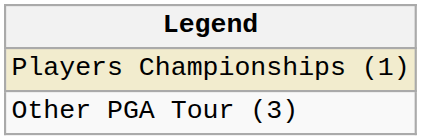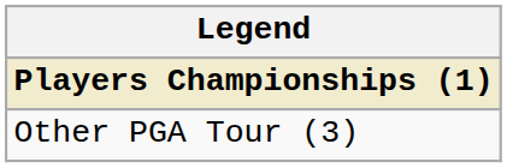 <table class="wikitable" style="font-size:95%;">
 <tr>
 <th>Legend</th>
 </tr>
 <tr style="background:#f2ecce;">
-<td>Players Championships (1)</td>
+<td><strong>Players Championships (1)</strong></td>
 </tr>
 <tr>
 <td>Other PGA Tour (3)</td>
 </tr>
 </table>
